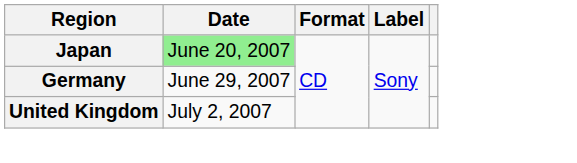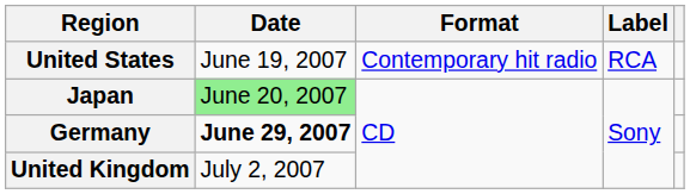 <table class="wikitable plainrowheaders">
 <tr>
 <th scope="col">Region</th>
 <th scope="col">Date</th>
 <th scope="col">Format</th>
 <th scope="col">Label</th>
 <th scope="col"></th>
+</tr>
+<tr>
+<th scope="row">United States</th>
+<td>June 19, 2007</td>
+<td><a href='#'>Contemporary hit radio</a></td>
+<td><a href='#'>RCA</a></td>
+<td align="center"></td>
 </tr>
 <tr>
 <th scope="row">Japan</th>
 <td style="background: lightgreen;">June 20, 2007</td>
 <td rowspan="3"><a href='#'>CD</a></td>
 <td rowspan="3"><a href='#'>Sony</a></td>
 <td align="center"></td>
 </tr>
 <tr>
 <th scope="row">Germany</th>
-<td>June 29, 2007</td>
+<td><strong>June 29, 2007</strong></td>
 <td align="center"></td>
 </tr>
 <tr>
 <th scope="row">United Kingdom</th>
 <td>July 2, 2007</td>
 <td align="center"></td>
 </tr>
 </table>
